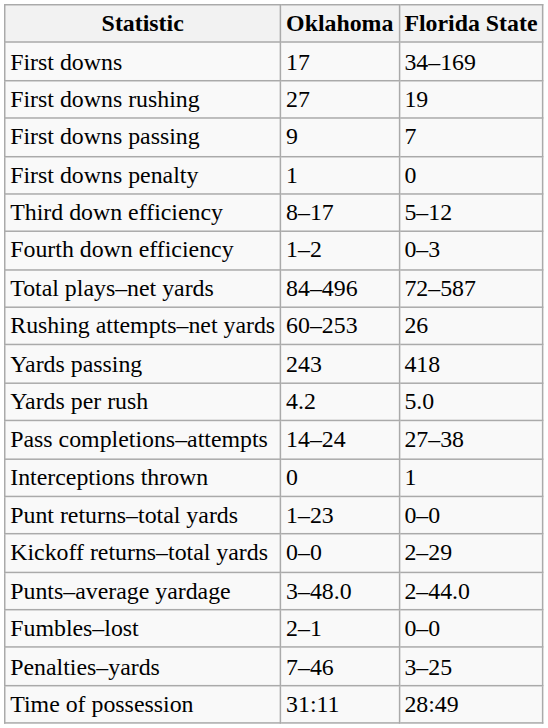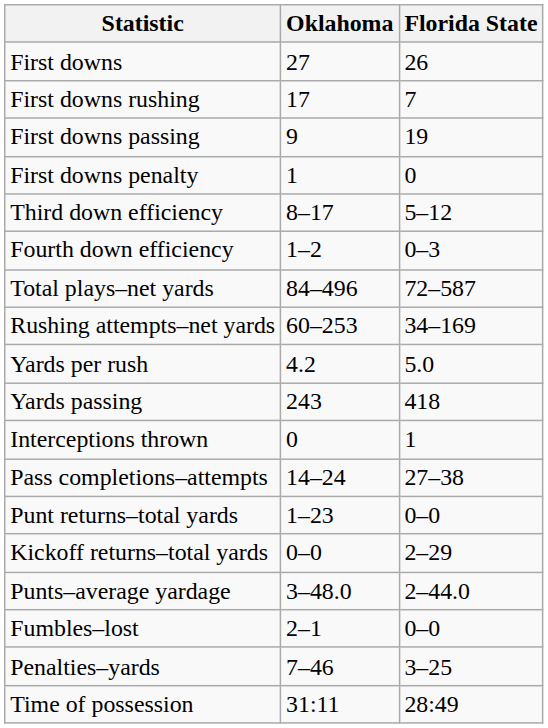 <table class="wikitable">
 <tr>
 <th>Statistic</th>
 <th><strong>Oklahoma</strong></th>
 <th><strong>Florida State</strong></th>
 </tr>
 <tr>
 <td>First downs</td>
-<td>17</td>
-<td>34–169</td>
+<td>27</td>
+<td>26</td>
 </tr>
 <tr>
 <td>First downs rushing</td>
-<td>27</td>
-<td>19</td>
+<td>17</td>
+<td>7</td>
 </tr>
 <tr>
 <td>First downs passing</td>
 <td>9</td>
-<td>7</td>
+<td>19</td>
 </tr>
 <tr>
 <td>First downs penalty</td>
 <td>1</td>
 <td>0</td>
 </tr>
 <tr>
 <td>Third down efficiency</td>
 <td>8–17</td>
 <td>5–12</td>
 </tr>
 <tr>
 <td>Fourth down efficiency</td>
 <td>1–2</td>
 <td>0–3</td>
 </tr>
 <tr>
 <td>Total plays–net yards</td>
 <td>84–496</td>
 <td>72–587</td>
 </tr>
 <tr>
 <td>Rushing attempts–net yards</td>
 <td>60–253</td>
-<td>26</td>
+<td>34–169</td>
+</tr>
+<tr>
+<td>Yards per rush</td>
+<td>4.2</td>
+<td>5.0</td>
 </tr>
 <tr>
 <td>Yards passing</td>
 <td>243</td>
 <td>418</td>
 </tr>
 <tr>
-<td>Yards per rush</td>
-<td>4.2</td>
-<td>5.0</td>
+<td>Interceptions thrown</td>
+<td>0</td>
+<td>1</td>
 </tr>
 <tr>
 <td>Pass completions–attempts</td>
 <td>14–24</td>
 <td>27–38</td>
-</tr>
-<tr>
-<td>Interceptions thrown</td>
-<td>0</td>
-<td>1</td>
 </tr>
 <tr>
 <td>Punt returns–total yards</td>
 <td>1–23</td>
 <td>0–0</td>
 </tr>
 <tr>
 <td>Kickoff returns–total yards</td>
 <td>0–0</td>
 <td>2–29</td>
 </tr>
 <tr>
 <td>Punts–average yardage</td>
 <td>3–48.0</td>
 <td>2–44.0</td>
 </tr>
 <tr>
 <td>Fumbles–lost</td>
 <td>2–1</td>
 <td>0–0</td>
 </tr>
 <tr>
 <td>Penalties–yards</td>
 <td>7–46</td>
 <td>3–25</td>
 </tr>
 <tr>
 <td>Time of possession</td>
 <td>31:11</td>
 <td>28:49</td>
 </tr>
 </table>
